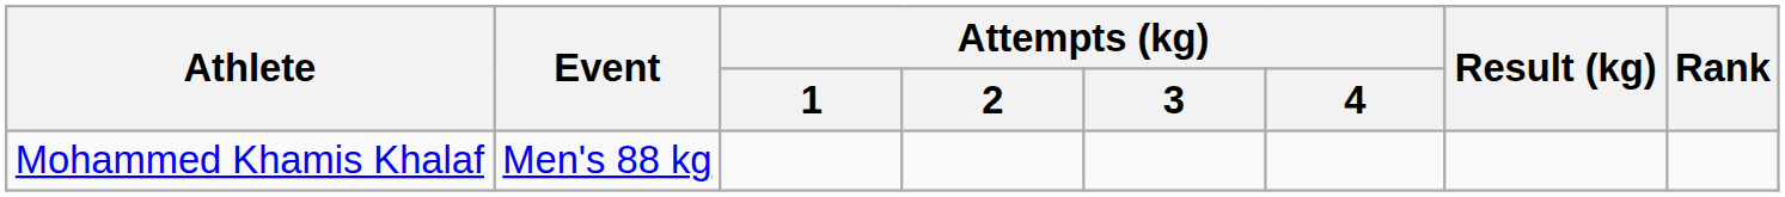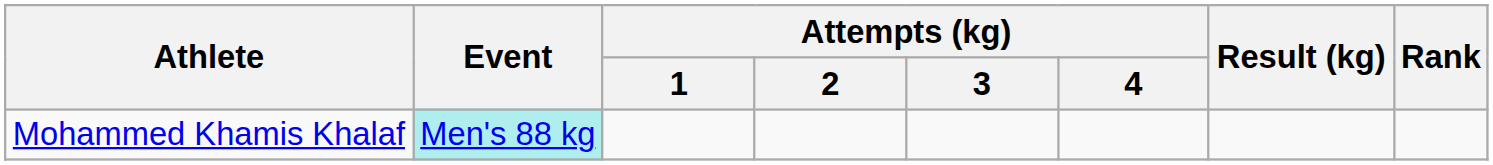 <table class=wikitable style="font-size:90%">
 <tr>
 <th rowspan=2>Athlete</th>
 <th rowspan=2>Event</th>
 <th colspan=4>Attempts (kg)</th>
 <th rowspan=2>Result (kg)</th>
 <th rowspan=2>Rank</th>
 </tr>
 <tr>
 <th width="60">1</th>
 <th width="60">2</th>
 <th width="60">3</th>
 <th width="60">4</th>
 </tr>
 <tr align=center>
 <td align=left><a href='#'>Mohammed Khamis Khalaf</a></td>
-<td align=left><a href='#'>Men's 88 kg</a></td>
+<td align=left style="background: paleturquoise;"><a href='#'>Men's 88 kg</a></td>
 <td></td>
 <td></td>
 <td></td>
 <td></td>
 <td></td>
 <td></td>
 </tr>
 </table>
